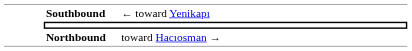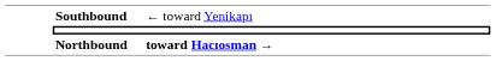 <table table border=0 cellspacing=0 cellpadding=3>
 <tr>
 <td style="border-top:solid 1px gray;border-bottom:solid 1px gray;" width=50 rowspan=3 valign=top></td>
 <td style="border-top:solid 1px gray;" width=100><strong>Southbound</strong></td>
 <td style="border-top:solid 1px gray;" width=400>←  toward <a href='#'>Yenikapı</a></td>
 </tr>
 <tr>
 <td style="border-top:solid 2px black;border-right:solid 2px black;border-left:solid 2px black;border-bottom:solid 2px black;text-align:center;" colspan=2></td>
 </tr>
 <tr>
 <td style="border-bottom:solid 1px gray;"><strong>Northbound</strong></td>
-<td style="border-bottom:solid 1px gray;"> toward <a href='#'>Hacıosman</a> →</td>
+<td style="border-bottom:solid 1px gray;"><strong> toward <a href='#'>Hacıosman</a> →</strong></td>
 </tr>
 </table>
